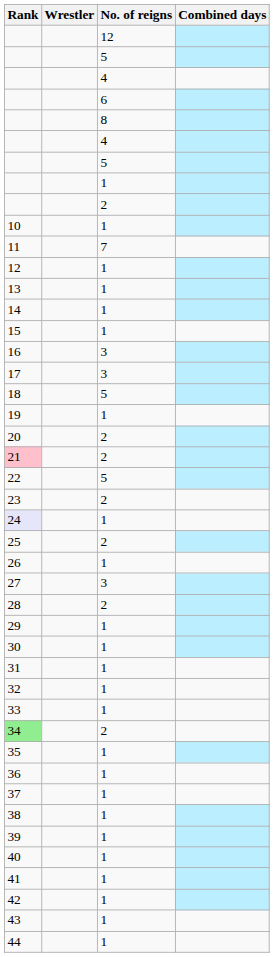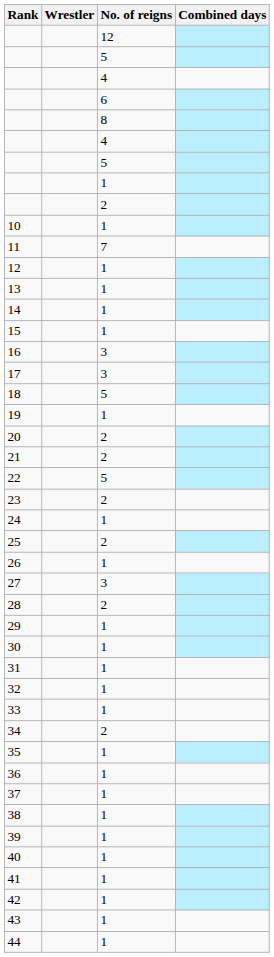 <table class="wikitable sortable">
 <tr>
 <th>Rank</th>
 <th>Wrestler</th>
 <th>No. of reigns</th>
 <th>Combined days</th>
 </tr>
 <tr>
 <td></td>
 <td></td>
 <td>12</td>
 <td style="background-color:#bbeeff"></td>
 </tr>
 <tr>
 <td></td>
 <td></td>
 <td>5</td>
 <td style="background-color:#bbeeff"></td>
 </tr>
 <tr>
 <td></td>
 <td></td>
 <td>4</td>
 <td></td>
 </tr>
 <tr>
 <td></td>
 <td></td>
 <td>6</td>
 <td style="background-color:#bbeeff"></td>
 </tr>
 <tr>
 <td></td>
 <td></td>
 <td>8</td>
 <td style="background-color:#bbeeff"></td>
 </tr>
 <tr>
 <td></td>
 <td></td>
 <td>4</td>
 <td style="background-color:#bbeeff"></td>
 </tr>
 <tr>
 <td></td>
 <td></td>
 <td>5</td>
 <td style="background-color:#bbeeff"></td>
 </tr>
 <tr>
 <td></td>
 <td></td>
 <td>1</td>
 <td style="background-color:#bbeeff"></td>
 </tr>
 <tr>
 <td></td>
 <td></td>
 <td>2</td>
 <td style="background-color:#bbeeff"></td>
 </tr>
 <tr>
 <td>10</td>
 <td></td>
 <td>1</td>
 <td style="background-color:#bbeeff"></td>
 </tr>
 <tr>
 <td>11</td>
 <td></td>
 <td>7</td>
 <td></td>
 </tr>
 <tr>
 <td>12</td>
 <td></td>
 <td>1</td>
 <td style="background-color:#bbeeff"></td>
 </tr>
 <tr>
 <td>13</td>
 <td></td>
 <td>1</td>
 <td style="background-color:#bbeeff"></td>
 </tr>
 <tr>
 <td>14</td>
 <td></td>
 <td>1</td>
 <td style="background-color:#bbeeff"></td>
 </tr>
 <tr>
 <td>15</td>
 <td></td>
 <td>1</td>
 <td></td>
 </tr>
 <tr>
 <td>16</td>
 <td></td>
 <td>3</td>
 <td style="background-color:#bbeeff"></td>
 </tr>
 <tr>
 <td>17</td>
 <td></td>
 <td>3</td>
 <td style="background-color:#bbeeff"></td>
 </tr>
 <tr>
 <td>18</td>
 <td></td>
 <td>5</td>
 <td style="background-color:#bbeeff"></td>
 </tr>
 <tr>
 <td>19</td>
 <td></td>
 <td>1</td>
 <td></td>
 </tr>
 <tr>
 <td>20</td>
 <td></td>
 <td>2</td>
 <td style="background-color:#bbeeff"></td>
 </tr>
 <tr>
-<td style="background: pink;">21</td>
+<td>21</td>
 <td></td>
 <td>2</td>
 <td style="background-color:#bbeeff"></td>
 </tr>
 <tr>
 <td>22</td>
 <td></td>
 <td>5</td>
 <td style="background-color:#bbeeff"></td>
 </tr>
 <tr>
 <td>23</td>
 <td></td>
 <td>2</td>
 <td></td>
 </tr>
 <tr>
-<td style="background: lavender;">24</td>
+<td>24</td>
 <td></td>
 <td>1</td>
 <td></td>
 </tr>
 <tr>
 <td>25</td>
 <td></td>
 <td>2</td>
 <td style="background-color:#bbeeff"></td>
 </tr>
 <tr>
 <td>26</td>
 <td></td>
 <td>1</td>
 <td></td>
 </tr>
 <tr>
 <td>27</td>
 <td></td>
 <td>3</td>
 <td style="background-color:#bbeeff"></td>
 </tr>
 <tr>
 <td>28</td>
 <td></td>
 <td>2</td>
 <td style="background-color:#bbeeff"></td>
 </tr>
 <tr>
 <td>29</td>
 <td></td>
 <td>1</td>
 <td style="background-color:#bbeeff"></td>
 </tr>
 <tr>
 <td>30</td>
 <td></td>
 <td>1</td>
 <td style="background-color:#bbeeff"></td>
 </tr>
 <tr>
 <td>31</td>
 <td></td>
 <td>1</td>
 <td></td>
 </tr>
 <tr>
 <td>32</td>
 <td></td>
 <td>1</td>
 <td></td>
 </tr>
 <tr>
 <td>33</td>
 <td></td>
 <td>1</td>
 <td></td>
 </tr>
 <tr>
-<td style="background: lightgreen;">34</td>
+<td>34</td>
 <td></td>
 <td>2</td>
 <td></td>
 </tr>
 <tr>
 <td>35</td>
 <td></td>
 <td>1</td>
 <td style="background-color:#bbeeff"></td>
 </tr>
 <tr>
 <td>36</td>
 <td></td>
 <td>1</td>
 <td></td>
 </tr>
 <tr>
 <td>37</td>
 <td></td>
 <td>1</td>
 <td></td>
 </tr>
 <tr>
 <td>38</td>
 <td></td>
 <td>1</td>
 <td style="background-color:#bbeeff"></td>
 </tr>
 <tr>
 <td>39</td>
 <td></td>
 <td>1</td>
 <td style="background-color:#bbeeff"></td>
 </tr>
 <tr>
 <td>40</td>
 <td></td>
 <td>1</td>
 <td style="background-color:#bbeeff"></td>
 </tr>
 <tr>
 <td>41</td>
 <td></td>
 <td>1</td>
 <td style="background-color:#bbeeff"></td>
 </tr>
 <tr>
 <td>42</td>
 <td></td>
 <td>1</td>
 <td style="background-color:#bbeeff"></td>
 </tr>
 <tr>
 <td>43</td>
 <td></td>
 <td>1</td>
 <td></td>
 </tr>
 <tr>
 <td>44</td>
 <td></td>
 <td>1</td>
 <td></td>
 </tr>
 </table>
